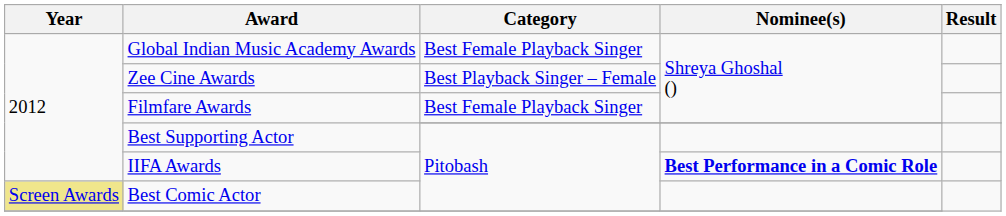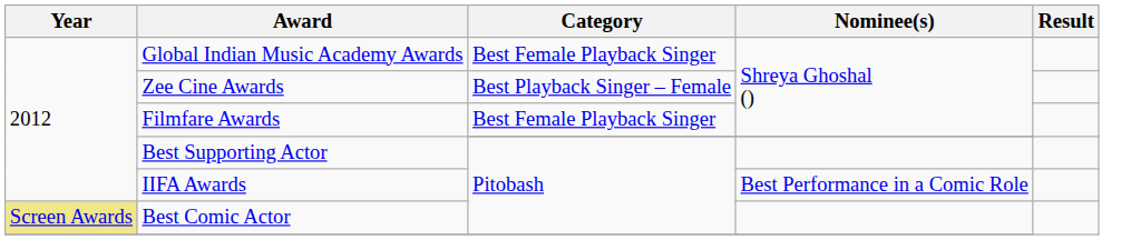 <table class="wikitable plainrowheaders sortable">
 <tr>
 <th scope="col">Year</th>
 <th scope="col">Award</th>
 <th scope="col">Category</th>
 <th scope="col">Nominee(s)</th>
 <th scope="col">Result</th>
 </tr>
 <tr>
 <td rowspan="6">2012</td>
 <td><a href='#'>Global Indian Music Academy Awards</a></td>
 <td><a href='#'>Best Female Playback Singer</a></td>
 <td rowspan="3"><a href='#'>Shreya Ghoshal</a><br>()</td>
 <td></td>
 </tr>
 <tr>
 <td><a href='#'>Zee Cine Awards</a></td>
 <td><a href='#'>Best Playback Singer – Female</a></td>
 <td></td>
 </tr>
 <tr>
 <td rowspan="2"><a href='#'>Filmfare Awards</a></td>
 <td><a href='#'>Best Female Playback Singer</a></td>
 <td></td>
 </tr>
 <tr>
 </tr>
 <tr>
 <td><a href='#'>Best Supporting Actor</a></td>
 <td rowspan="3"><a href='#'>Pitobash</a></td>
 <td></td>
 </tr>
 <tr>
 <td><a href='#'>IIFA Awards</a></td>
-<td><strong><a href='#'>Best Performance in a Comic Role</a></strong></td>
+<td><a href='#'>Best Performance in a Comic Role</a></td>
 <td></td>
 </tr>
 <tr>
 <td style="background: khaki;"><a href='#'>Screen Awards</a></td>
 <td><a href='#'>Best Comic Actor</a></td>
 <td></td>
 </tr>
 <tr>
 </tr>
 </table>
